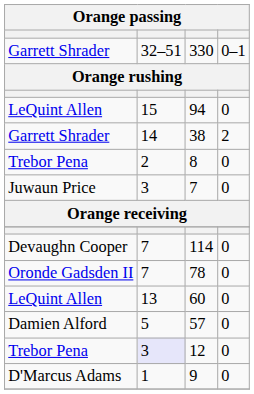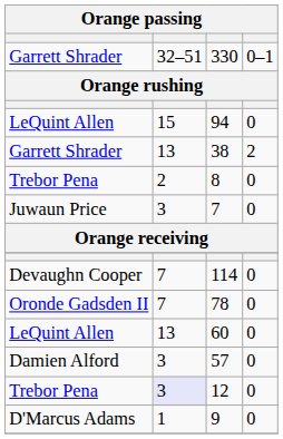 <table class="wikitable plainrowheaders">
 <tr>
 <th colspan="6">Orange passing</th>
 </tr>
 <tr>
 <th scope="col"></th>
 <th scope="col"></th>
 <th scope="col"></th>
 <th scope="col"></th>
 </tr>
 <tr>
 <td><a href='#'>Garrett Shrader</a></td>
 <td>32–51</td>
 <td>330</td>
 <td>0–1</td>
 </tr>
 <tr>
 <th colspan="6">Orange rushing</th>
 </tr>
 <tr>
 <th scope="col"></th>
 <th scope="col"></th>
 <th scope="col"></th>
 <th scope="col"></th>
 </tr>
 <tr>
 <td><a href='#'>LeQuint Allen</a></td>
 <td>15</td>
 <td>94</td>
 <td>0</td>
 </tr>
 <tr>
 <td><a href='#'>Garrett Shrader</a></td>
-<td>14</td>
+<td>13</td>
 <td>38</td>
 <td>2</td>
 </tr>
 <tr>
 <td><a href='#'>Trebor Pena</a></td>
 <td>2</td>
 <td>8</td>
 <td>0</td>
 </tr>
 <tr>
 <td>Juwaun Price</td>
 <td>3</td>
 <td>7</td>
 <td>0</td>
 </tr>
 <tr>
 <th colspan="6">Orange receiving</th>
 </tr>
 <tr>
 </tr>
 <tr>
 <th scope="col"></th>
 <th scope="col"></th>
 <th scope="col"></th>
 <th scope="col"></th>
 </tr>
 <tr>
 <td>Devaughn Cooper</td>
 <td>7</td>
 <td>114</td>
 <td>0</td>
 </tr>
 <tr>
 <td><a href='#'>Oronde Gadsden II</a></td>
 <td>7</td>
 <td>78</td>
 <td>0</td>
 </tr>
 <tr>
 <td><a href='#'>LeQuint Allen</a></td>
 <td>13</td>
 <td>60</td>
 <td>0</td>
 </tr>
 <tr>
 <td>Damien Alford</td>
-<td>5</td>
+<td>3</td>
 <td>57</td>
 <td>0</td>
 </tr>
 <tr>
 <td><a href='#'>Trebor Pena</a></td>
 <td style="background: lavender;">3</td>
 <td>12</td>
 <td>0</td>
 </tr>
 <tr>
 <td>D'Marcus Adams</td>
 <td>1</td>
 <td>9</td>
 <td>0</td>
 </tr>
 <tr>
 </tr>
 </table>
